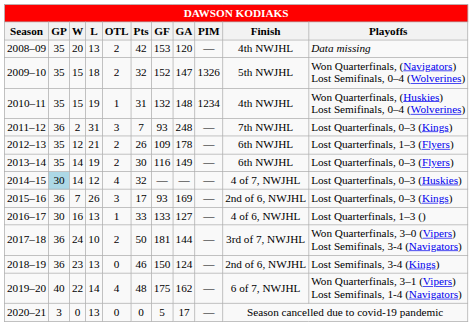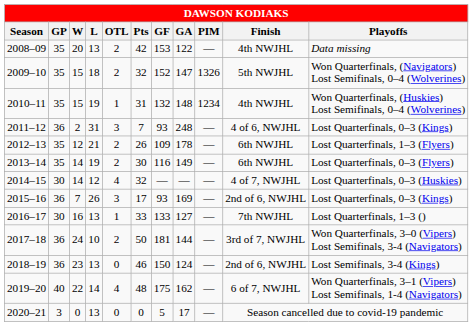 <table class="wikitable collapsible collapsed" style="text-align:center;">
 <tr align="center" bgcolor=red style="color:white">
 <td colspan="12"><strong>DAWSON KODIAKS</strong></td>
 </tr>
 <tr>
 <th>Season</th>
 <th>GP</th>
 <th>W</th>
 <th>L</th>
 <th>OTL</th>
 <th>Pts</th>
 <th>GF</th>
 <th>GA</th>
 <th>PIM</th>
 <th>Finish</th>
 <th>Playoffs</th>
 </tr>
 <tr>
 <td>2008–09</td>
 <td>35</td>
 <td>20</td>
 <td>13</td>
 <td>2</td>
 <td>42</td>
 <td>153</td>
-<td>120</td>
+<td>122</td>
 <td>—</td>
 <td>4th NWJHL</td>
 <td align=left><em>Data missing</em></td>
 </tr>
 <tr>
 <td>2009–10</td>
 <td>35</td>
 <td>15</td>
 <td>18</td>
 <td>2</td>
 <td>32</td>
 <td>152</td>
 <td>147</td>
 <td>1326</td>
 <td>5th NWJHL</td>
 <td align=left>Won Quarterfinals, (<a href='#'>Navigators</a>)<br>Lost Semifinals, 0–4 (<a href='#'>Wolverines</a>)</td>
 </tr>
 <tr>
 <td>2010–11</td>
 <td>35</td>
 <td>15</td>
 <td>19</td>
 <td>1</td>
 <td>31</td>
 <td>132</td>
 <td>148</td>
 <td>1234</td>
 <td>4th NWJHL</td>
 <td align=left>Won Quarterfinals, (<a href='#'>Huskies</a>)<br> Lost Semifinals, 0–4 (<a href='#'>Wolverines</a>)</td>
 </tr>
 <tr>
 <td>2011–12</td>
 <td>36</td>
 <td>2</td>
 <td>31</td>
 <td>3</td>
 <td>7</td>
 <td>93</td>
 <td>248</td>
 <td>—</td>
-<td>7th NWJHL</td>
+<td>4 of 6, NWJHL</td>
 <td align=left>Lost Quarterfinals, 0–3 (<a href='#'>Kings</a>)</td>
 </tr>
 <tr>
 <td>2012–13</td>
 <td>35</td>
 <td>12</td>
 <td>21</td>
 <td>2</td>
 <td>26</td>
 <td>109</td>
 <td>178</td>
 <td>—</td>
 <td>6th NWJHL</td>
 <td align=left>Lost Quarterfinals, 1–3 (<a href='#'>Flyers</a>)</td>
 </tr>
 <tr>
 <td>2013–14</td>
 <td>35</td>
 <td>14</td>
 <td>19</td>
 <td>2</td>
 <td>30</td>
 <td>116</td>
 <td>149</td>
 <td>—</td>
 <td>6th NWJHL</td>
 <td align=left>Lost Quarterfinals, 0–3 (<a href='#'>Flyers</a>)</td>
 </tr>
 <tr>
 <td>2014–15</td>
-<td style="background: lightblue;">30</td>
+<td>30</td>
 <td>14</td>
 <td>12</td>
 <td>4</td>
 <td>32</td>
 <td>—</td>
 <td>—</td>
 <td>—</td>
 <td>4 of 7, NWJHL</td>
 <td align=left>Lost Quarterfinals, 0–3 (<a href='#'>Huskies</a>)</td>
 </tr>
 <tr>
 <td>2015–16</td>
 <td>36</td>
 <td>7</td>
 <td>26</td>
 <td>3</td>
 <td>17</td>
 <td>93</td>
 <td>169</td>
 <td>—</td>
 <td>2nd of 6, NWJHL</td>
 <td align=left>Lost Quarterfinals, 0–3 (<a href='#'>Kings</a>)</td>
 </tr>
 <tr>
 <td>2016–17</td>
 <td>30</td>
 <td>16</td>
 <td>13</td>
 <td>1</td>
 <td>33</td>
 <td>133</td>
 <td>127</td>
 <td>—</td>
-<td>4 of 6, NWJHL</td>
+<td>7th NWJHL</td>
 <td align=left>Lost Quarterfinals, 1–3 ()</td>
 </tr>
 <tr>
 <td>2017–18</td>
 <td>36</td>
 <td>24</td>
 <td>10</td>
 <td>2</td>
 <td>50</td>
 <td>181</td>
 <td>144</td>
 <td>—</td>
 <td>3rd of 7, NWJHL</td>
 <td align=left>Won Quarterfinals, 3–0 (<a href='#'>Vipers</a>)<br>Lost Semifinals, 3-4 (<a href='#'>Navigators</a>)</td>
 </tr>
 <tr>
 <td>2018–19</td>
 <td>36</td>
 <td>23</td>
 <td>13</td>
 <td>0</td>
 <td>46</td>
 <td>150</td>
 <td>124</td>
 <td>—</td>
 <td>2nd of 6, NWJHL</td>
 <td align=left>Lost Semifinals, 3-4 (<a href='#'>Kings</a>)</td>
 </tr>
 <tr>
 <td>2019–20</td>
 <td>40</td>
 <td>22</td>
 <td>14</td>
 <td>4</td>
 <td>48</td>
 <td>175</td>
 <td>162</td>
 <td>—</td>
 <td>6 of 7, NWJHL</td>
 <td align=left>Won Quarterfinals, 3–1 (<a href='#'>Vipers</a>)<br>Lost Semifinals, 1-4 (<a href='#'>Navigators</a>)</td>
 </tr>
 <tr>
 <td>2020–21</td>
 <td>3</td>
 <td>0</td>
 <td>13</td>
 <td>0</td>
 <td>0</td>
 <td>5</td>
 <td>17</td>
 <td>—</td>
 <td colspan="2">Season cancelled due to covid-19 pandemic</td>
 </tr>
 </table>
